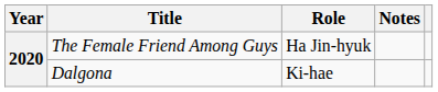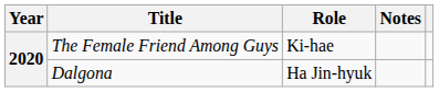 <table class="wikitable plainrowheaders sortable">
 <tr>
 <th scope="col">Year</th>
 <th scope="col">Title</th>
 <th scope="col">Role</th>
 <th scope="col" class="unsortable">Notes</th>
 <th scope="col" class="unsortable"></th>
 </tr>
 <tr>
 <th scope="row" rowspan="2">2020</th>
 <td><em>The Female Friend Among Guys</em></td>
-<td>Ha Jin-hyuk</td>
+<td>Ki-hae</td>
 <td></td>
 <td style="text-align:center"></td>
 </tr>
 <tr>
 <td><em>Dalgona</em></td>
-<td>Ki-hae</td>
+<td>Ha Jin-hyuk</td>
 <td></td>
 <td style="text-align:center"></td>
 </tr>
 </table>
